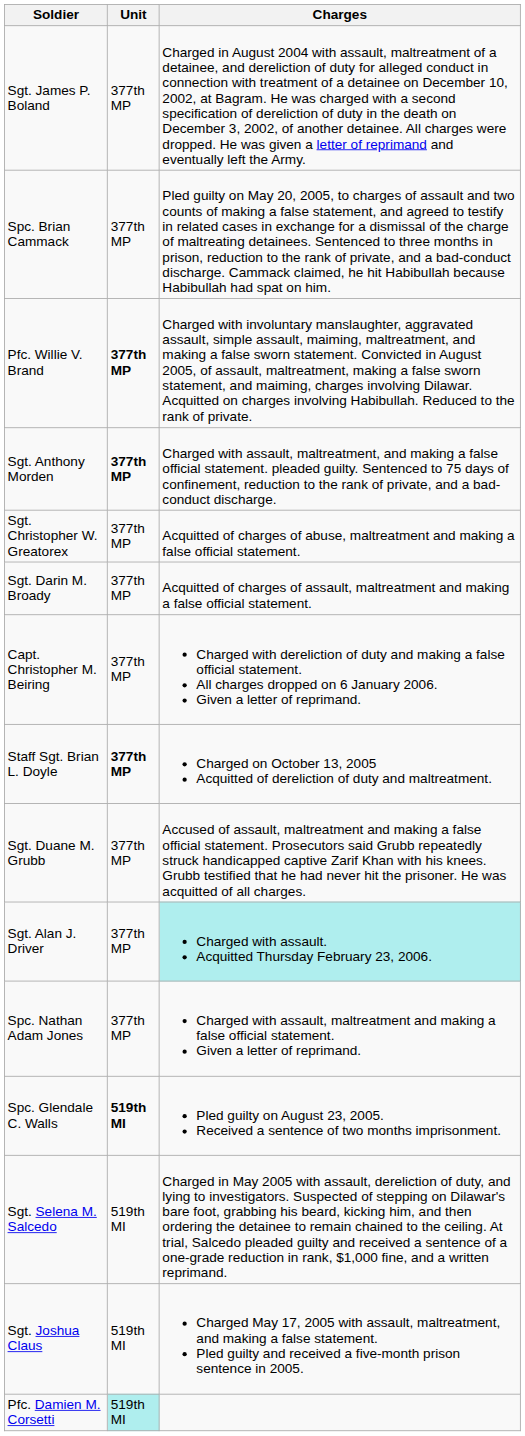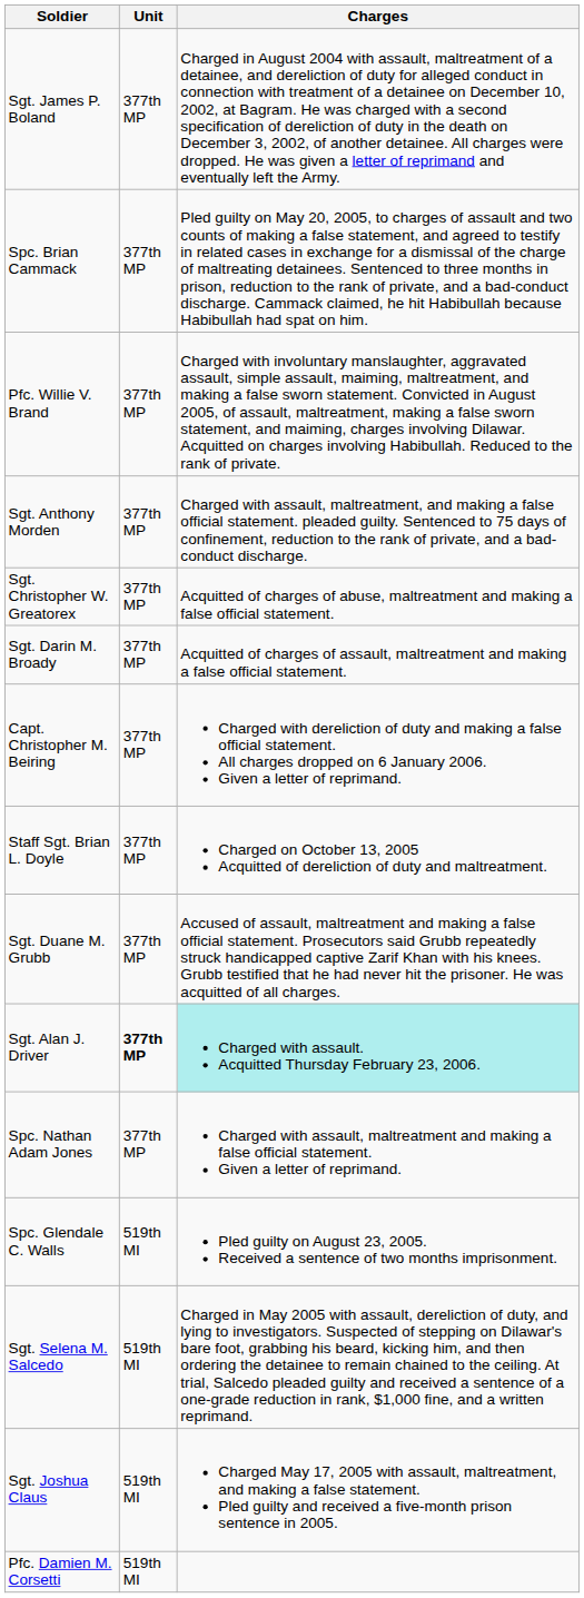 <table class="wikitable">
 <tr>
 <th style="width:20%;">Soldier</th>
 <th style="width:10%;">Unit</th>
 <th style="width:70%;">Charges</th>
 </tr>
 <tr>
 <td>Sgt. James P. Boland</td>
 <td>377th MP</td>
 <td><br>Charged in August 2004 with assault, maltreatment of a detainee, and dereliction of duty for alleged conduct in connection with treatment of a detainee on December 10, 2002, at Bagram. He was charged with a second specification of dereliction of duty in the death on December 3, 2002, of another detainee. All charges were dropped. He was given a <a href='#'>letter of reprimand</a> and eventually left the Army.</td>
 </tr>
 <tr>
 <td>Spc. Brian Cammack</td>
 <td>377th MP</td>
 <td><br>Pled guilty on May 20, 2005, to charges of assault and two counts of making a false statement, and agreed to testify in related cases in exchange for a dismissal of the charge of maltreating detainees. Sentenced to three months in prison, reduction to the rank of private, and a bad-conduct discharge. Cammack claimed, he hit Habibullah because Habibullah had spat on him.</td>
 </tr>
 <tr>
 <td>Pfc. Willie V. Brand</td>
-<td><strong>377th MP</strong></td>
+<td>377th MP</td>
 <td><br>Charged with involuntary manslaughter, aggravated assault, simple assault, maiming, maltreatment, and making a false sworn statement. Convicted in August 2005, of assault, maltreatment, making a false sworn statement, and maiming, charges involving Dilawar. Acquitted on charges involving Habibullah. Reduced to the rank of private.</td>
 </tr>
 <tr>
 <td>Sgt. Anthony Morden</td>
-<td><strong>377th MP</strong></td>
+<td>377th MP</td>
 <td><br>Charged with assault, maltreatment, and making a false official statement. pleaded guilty. Sentenced to 75 days of confinement, reduction to the rank of private, and a bad-conduct discharge.</td>
 </tr>
 <tr>
 <td>Sgt. Christopher W. Greatorex</td>
 <td>377th MP</td>
 <td><br>Acquitted of charges of abuse, maltreatment and making a false official statement.</td>
 </tr>
 <tr>
 <td>Sgt. Darin M. Broady</td>
 <td>377th MP</td>
 <td><br>Acquitted of charges of assault, maltreatment and making a false official statement.</td>
 </tr>
 <tr>
 <td>Capt. Christopher M. Beiring</td>
 <td>377th MP</td>
 <td><br><ul><li>Charged with dereliction of duty and making a false official statement.</li><li>All charges dropped on 6 January 2006.</li><li>Given a letter of reprimand.</li></ul></td>
 </tr>
 <tr>
 <td>Staff Sgt. Brian L. Doyle</td>
-<td><strong>377th MP</strong></td>
+<td>377th MP</td>
 <td><br><ul><li>Charged on October 13, 2005</li><li>Acquitted of dereliction of duty and maltreatment.</li></ul></td>
 </tr>
 <tr>
 <td>Sgt. Duane M. Grubb</td>
 <td>377th MP</td>
 <td><br>Accused of assault, maltreatment and making a false official statement. Prosecutors said Grubb repeatedly struck handicapped captive Zarif Khan with his knees. Grubb testified that he had never hit the prisoner. He was acquitted of all charges.</td>
 </tr>
 <tr>
 <td>Sgt. Alan J. Driver</td>
-<td>377th MP</td>
+<td><strong>377th MP</strong></td>
 <td style="background: paleturquoise;"><br><ul><li>Charged with assault.</li><li>Acquitted Thursday February 23, 2006.</li></ul></td>
 </tr>
 <tr>
 <td>Spc. Nathan Adam Jones</td>
 <td>377th MP</td>
 <td><br><ul><li>Charged with assault, maltreatment and making a false official statement.</li><li>Given a letter of reprimand.</li></ul></td>
 </tr>
 <tr>
 <td>Spc. Glendale C. Walls</td>
-<td><strong>519th MI</strong></td>
+<td>519th MI</td>
 <td><br> <ul><li>Pled guilty on August 23, 2005.</li><li>Received a sentence of two months imprisonment.</li></ul></td>
 </tr>
 <tr>
 <td>Sgt. <a href='#'>Selena M. Salcedo</a></td>
 <td>519th MI</td>
 <td><br>Charged in May 2005 with assault, dereliction of duty, and lying to investigators. Suspected of stepping on Dilawar's bare foot, grabbing his beard, kicking him, and then ordering the detainee to remain chained to the ceiling. At trial, Salcedo pleaded guilty and received a sentence of a one-grade reduction in rank, $1,000 fine, and a written reprimand.</td>
 </tr>
 <tr>
 <td>Sgt. <a href='#'>Joshua Claus</a></td>
 <td>519th MI</td>
 <td><br> <ul><li>Charged May 17, 2005 with assault, maltreatment, and making a false statement.</li><li>Pled guilty and received a five-month prison sentence in 2005.</li></ul></td>
 </tr>
 <tr>
 <td>Pfc. <a href='#'>Damien M. Corsetti</a></td>
-<td style="background: paleturquoise;">519th MI</td>
+<td>519th MI</td>
 <td><br><br></td>
 </tr>
 </table>
